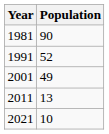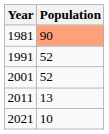 <table class=wikitable>
 <tr>
 <th>Year</th>
 <th>Population</th>
 </tr>
 <tr>
 <td>1981</td>
-<td>90</td>
+<td style="background: lightsalmon;">90</td>
 </tr>
 <tr>
 <td>1991</td>
 <td>52</td>
 </tr>
 <tr>
 <td>2001</td>
-<td>49</td>
+<td>52</td>
 </tr>
 <tr>
 <td>2011</td>
 <td>13</td>
 </tr>
 <tr>
 <td>2021</td>
 <td>10</td>
 </tr>
 </table>
